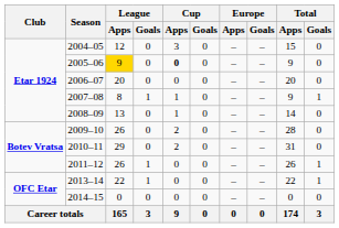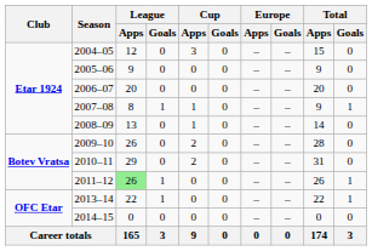 <table class="wikitable" style="font-size:90%; text-align: center;">
 <tr>
 <th rowspan="2">Club</th>
 <th rowspan="2">Season</th>
 <th colspan="2">League</th>
 <th colspan="2">Cup</th>
 <th colspan="2">Europe</th>
 <th colspan="2">Total</th>
 </tr>
 <tr>
 <th>Apps</th>
 <th>Goals</th>
 <th>Apps</th>
 <th>Goals</th>
 <th>Apps</th>
 <th>Goals</th>
 <th>Apps</th>
 <th>Goals</th>
 </tr>
 <tr>
 <td rowspan="5" valign="center"><strong><a href='#'>Etar 1924</a></strong></td>
 <td>2004–05</td>
 <td>12</td>
 <td>0</td>
 <td>3</td>
 <td>0</td>
 <td>–</td>
 <td>–</td>
 <td>15</td>
 <td>0</td>
 </tr>
 <tr>
 <td>2005–06</td>
-<td style="background: gold;">9</td>
+<td>9</td>
 <td>0</td>
-<td><strong>0</strong></td>
+<td>0</td>
 <td>0</td>
 <td>–</td>
 <td>–</td>
 <td>9</td>
 <td>0</td>
 </tr>
 <tr>
 <td>2006–07</td>
 <td>20</td>
 <td>0</td>
 <td>0</td>
 <td>0</td>
 <td>–</td>
 <td>–</td>
 <td>20</td>
 <td>0</td>
 </tr>
 <tr>
 <td>2007–08</td>
 <td>8</td>
 <td>1</td>
 <td>1</td>
 <td>0</td>
 <td>–</td>
 <td>–</td>
 <td>9</td>
 <td>1</td>
 </tr>
 <tr>
 <td>2008–09</td>
 <td>13</td>
 <td>0</td>
 <td>1</td>
 <td>0</td>
 <td>–</td>
 <td>–</td>
 <td>14</td>
 <td>0</td>
 </tr>
 <tr>
 <td rowspan="3" valign="center"><strong><a href='#'>Botev Vratsa</a></strong></td>
 <td>2009–10</td>
 <td>26</td>
 <td>0</td>
 <td>2</td>
 <td>0</td>
 <td>–</td>
 <td>–</td>
 <td>28</td>
 <td>0</td>
 </tr>
 <tr>
 <td>2010–11</td>
 <td>29</td>
 <td>0</td>
 <td>2</td>
 <td>0</td>
 <td>–</td>
 <td>–</td>
 <td>31</td>
 <td>0</td>
 </tr>
 <tr>
 <td>2011–12</td>
-<td>26</td>
+<td style="background: lightgreen;">26</td>
 <td>1</td>
 <td>0</td>
 <td>0</td>
 <td>–</td>
 <td>–</td>
 <td>26</td>
 <td>1</td>
 </tr>
 <tr>
 <td rowspan="2" valign="center"><strong><a href='#'>OFC Etar</a></strong></td>
 <td>2013–14</td>
 <td>22</td>
 <td>1</td>
 <td>0</td>
 <td>0</td>
 <td>–</td>
 <td>–</td>
 <td>22</td>
 <td>1</td>
 </tr>
 <tr>
 <td>2014–15</td>
 <td>0</td>
 <td>0</td>
 <td>0</td>
 <td>0</td>
 <td>–</td>
 <td>–</td>
 <td>0</td>
 <td>0</td>
 </tr>
 <tr>
 <th colspan="2">Career totals</th>
 <th>165</th>
 <th>3</th>
 <th>9</th>
 <th>0</th>
 <th>0</th>
 <th>0</th>
 <th>174</th>
 <th>3</th>
 </tr>
 </table>
